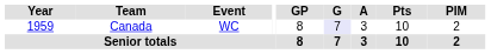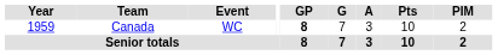 <table border="0" cellpadding="1" cellspacing="0" ID="Table3" style="text-align:center; width:40em">
 <tr bgcolor="#e0e0e0">
 <th>Year</th>
 <th>Team</th>
 <th>Event</th>
 <th rowspan="102" bgcolor="#ffffff"></th>
 <th>GP</th>
 <th>G</th>
 <th>A</th>
 <th>Pts</th>
 <th>PIM</th>
 </tr>
 <tr>
 <td><a href='#'>1959</a></td>
 <td><a href='#'>Canada</a></td>
 <td><a href='#'>WC</a></td>
-<td>8</td>
-<td style="background: lavender;">7</td>
+<td><strong>8</strong></td>
+<td>7</td>
 <td>3</td>
 <td>10</td>
 <td>2</td>
 </tr>
 <tr bgcolor="#e0e0e0">
 <th colspan="4">Senior totals</th>
 <th>8</th>
 <th>7</th>
 <th>3</th>
 <th>10</th>
 <th>2</th>
 </tr>
 </table>
